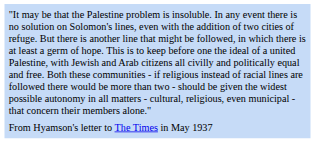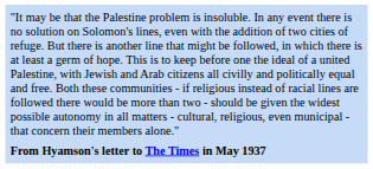 <table class="toccolours" style="float: left; margin-left: 1em; margin-right: 2em; font-size: 85%; background:#c6dbf7; color:black; width:30em; max-width: 40%;" cellspacing="5">
 <tr>
 <td style="text-align: left;">"It may be that the Palestine problem is insoluble. In any event there is no solution on Solomon's lines, even with the addition of two cities of refuge. But there is another line that might be followed, in which there is at least a germ of hope. This is to keep before one the ideal of a united Palestine, with Jewish and Arab citizens all civilly and politically equal and free. Both these communities - if religious instead of racial lines are followed there would be more than two - should be given the widest possible autonomy in all matters - cultural, religious, even municipal - that concern their members alone."</td>
 </tr>
 <tr>
-<td style="text-align: left;">From Hyamson's letter to <a href='#'>The Times</a> in May 1937</td>
+<td style="text-align: left;"><strong>From Hyamson's letter to <a href='#'>The Times</a> in May 1937</strong></td>
 </tr>
 </table>
